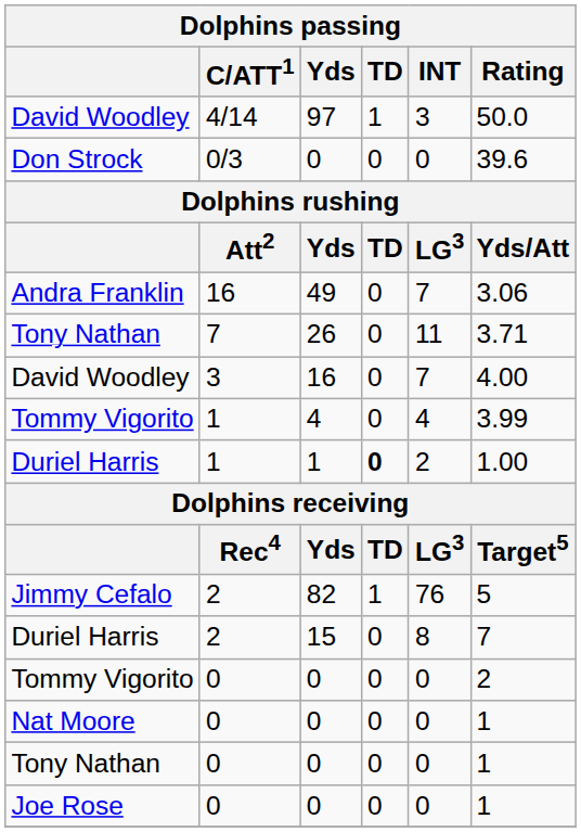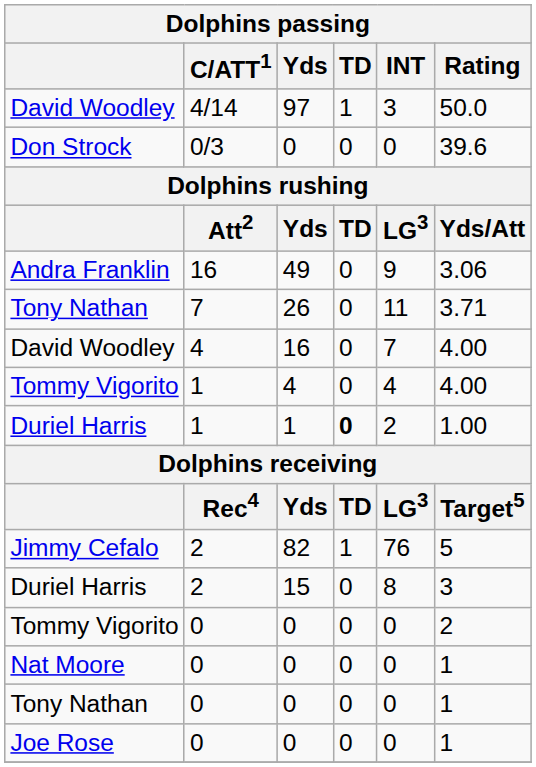 <table class="wikitable">
 <tr>
 <th colspan="6">Dolphins passing</th>
 </tr>
 <tr>
 <th></th>
 <th>C/ATT<sup>1</sup></th>
 <th>Yds</th>
 <th>TD</th>
 <th>INT</th>
 <th>Rating</th>
 </tr>
 <tr>
 <td><a href='#'>David Woodley</a></td>
 <td>4/14</td>
 <td>97</td>
 <td>1</td>
 <td>3</td>
 <td>50.0</td>
 </tr>
 <tr>
 <td><a href='#'>Don Strock</a></td>
 <td>0/3</td>
 <td>0</td>
 <td>0</td>
 <td>0</td>
 <td>39.6</td>
 </tr>
 <tr>
 <th colspan="6">Dolphins rushing</th>
 </tr>
 <tr>
 <th></th>
 <th>Att<sup>2</sup></th>
 <th>Yds</th>
 <th>TD</th>
 <th>LG<sup>3</sup></th>
 <th>Yds/Att</th>
 </tr>
 <tr>
 <td><a href='#'>Andra Franklin</a></td>
 <td>16</td>
 <td>49</td>
 <td>0</td>
-<td>7</td>
+<td>9</td>
 <td>3.06</td>
 </tr>
 <tr>
 <td><a href='#'>Tony Nathan</a></td>
 <td>7</td>
 <td>26</td>
 <td>0</td>
 <td>11</td>
 <td>3.71</td>
 </tr>
 <tr>
 <td>David Woodley</td>
-<td>3</td>
+<td>4</td>
 <td>16</td>
 <td>0</td>
 <td>7</td>
 <td>4.00</td>
 </tr>
 <tr>
 <td><a href='#'>Tommy Vigorito</a></td>
 <td>1</td>
 <td>4</td>
 <td>0</td>
 <td>4</td>
-<td>3.99</td>
+<td>4.00</td>
 </tr>
 <tr>
 <td><a href='#'>Duriel Harris</a></td>
 <td>1</td>
 <td>1</td>
 <td><strong>0</strong></td>
 <td>2</td>
 <td>1.00</td>
 </tr>
 <tr>
 <th colspan="6">Dolphins receiving</th>
 </tr>
 <tr>
 <th></th>
 <th>Rec<sup>4</sup></th>
 <th>Yds</th>
 <th>TD</th>
 <th>LG<sup>3</sup></th>
 <th>Target<sup>5</sup></th>
 </tr>
 <tr>
 <td><a href='#'>Jimmy Cefalo</a></td>
 <td>2</td>
 <td>82</td>
 <td>1</td>
 <td>76</td>
 <td>5</td>
 </tr>
 <tr>
 <td>Duriel Harris</td>
 <td>2</td>
 <td>15</td>
 <td>0</td>
 <td>8</td>
-<td>7</td>
+<td>3</td>
 </tr>
 <tr>
 <td>Tommy Vigorito</td>
 <td>0</td>
 <td>0</td>
 <td>0</td>
 <td>0</td>
 <td>2</td>
 </tr>
 <tr>
 <td><a href='#'>Nat Moore</a></td>
 <td>0</td>
 <td>0</td>
 <td>0</td>
 <td>0</td>
 <td>1</td>
 </tr>
 <tr>
 <td>Tony Nathan</td>
 <td>0</td>
 <td>0</td>
 <td>0</td>
 <td>0</td>
 <td>1</td>
 </tr>
 <tr>
 <td><a href='#'>Joe Rose</a></td>
 <td>0</td>
 <td>0</td>
 <td>0</td>
 <td>0</td>
 <td>1</td>
 </tr>
 <tr>
 </tr>
 </table>
